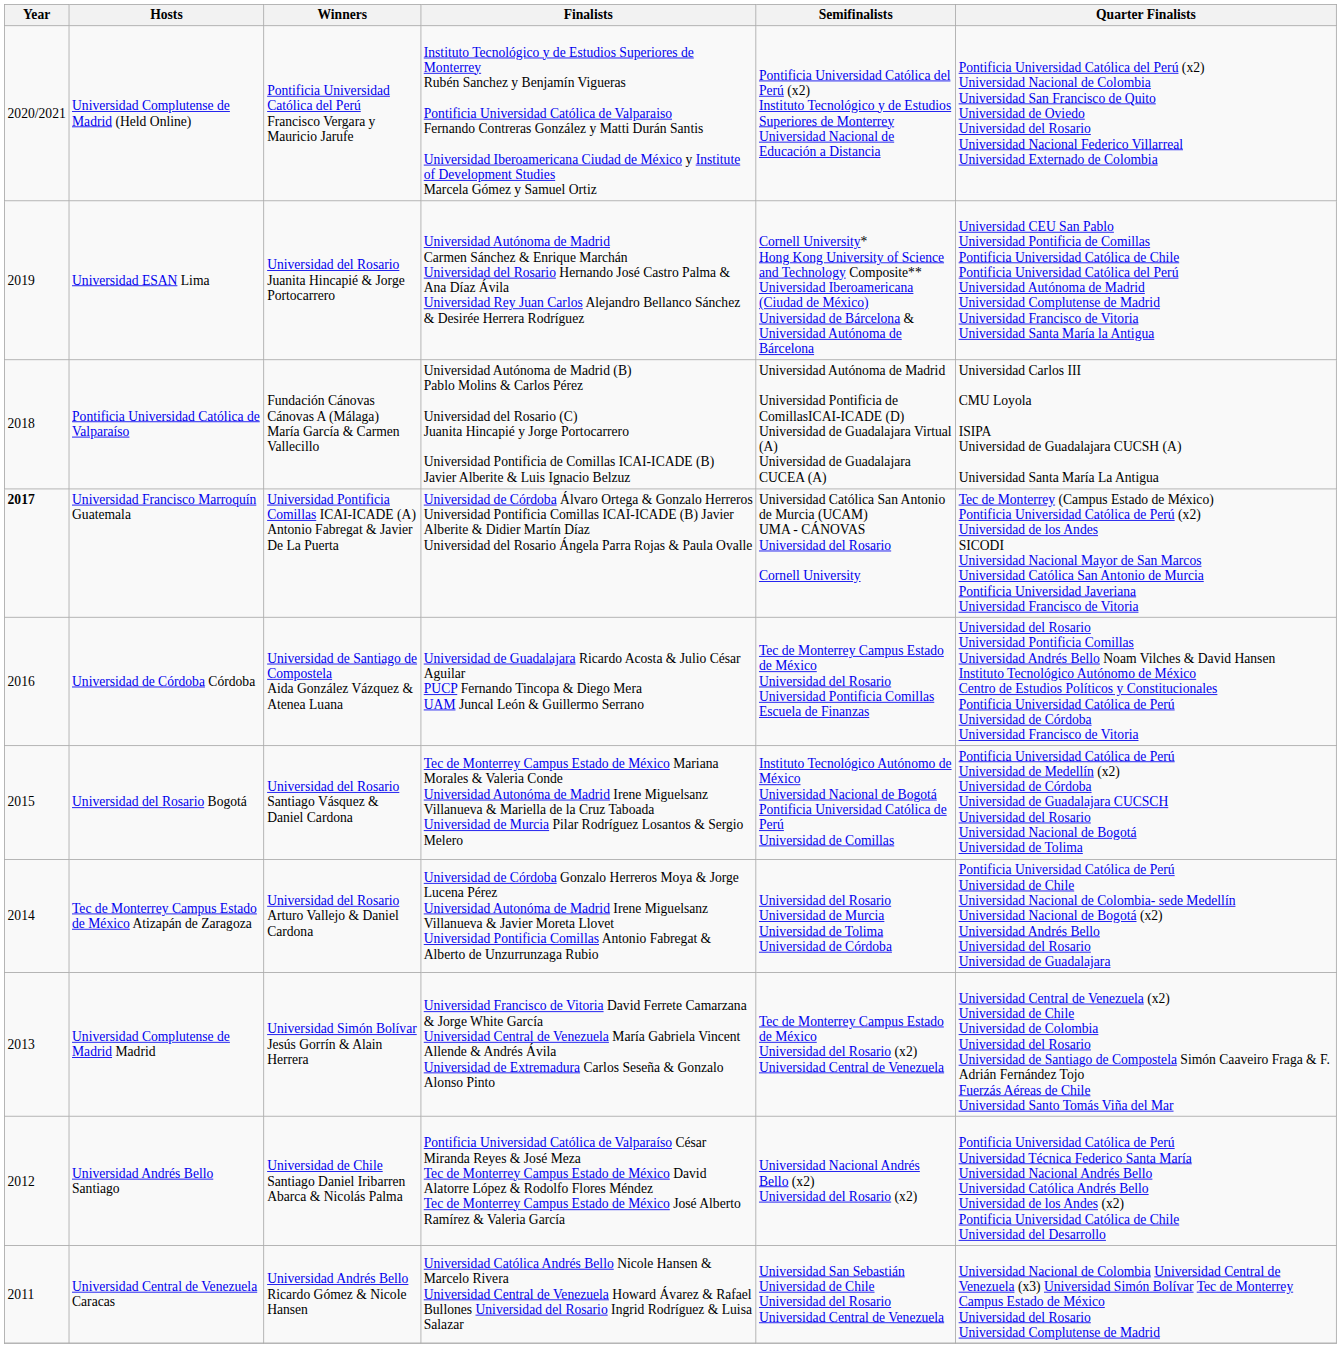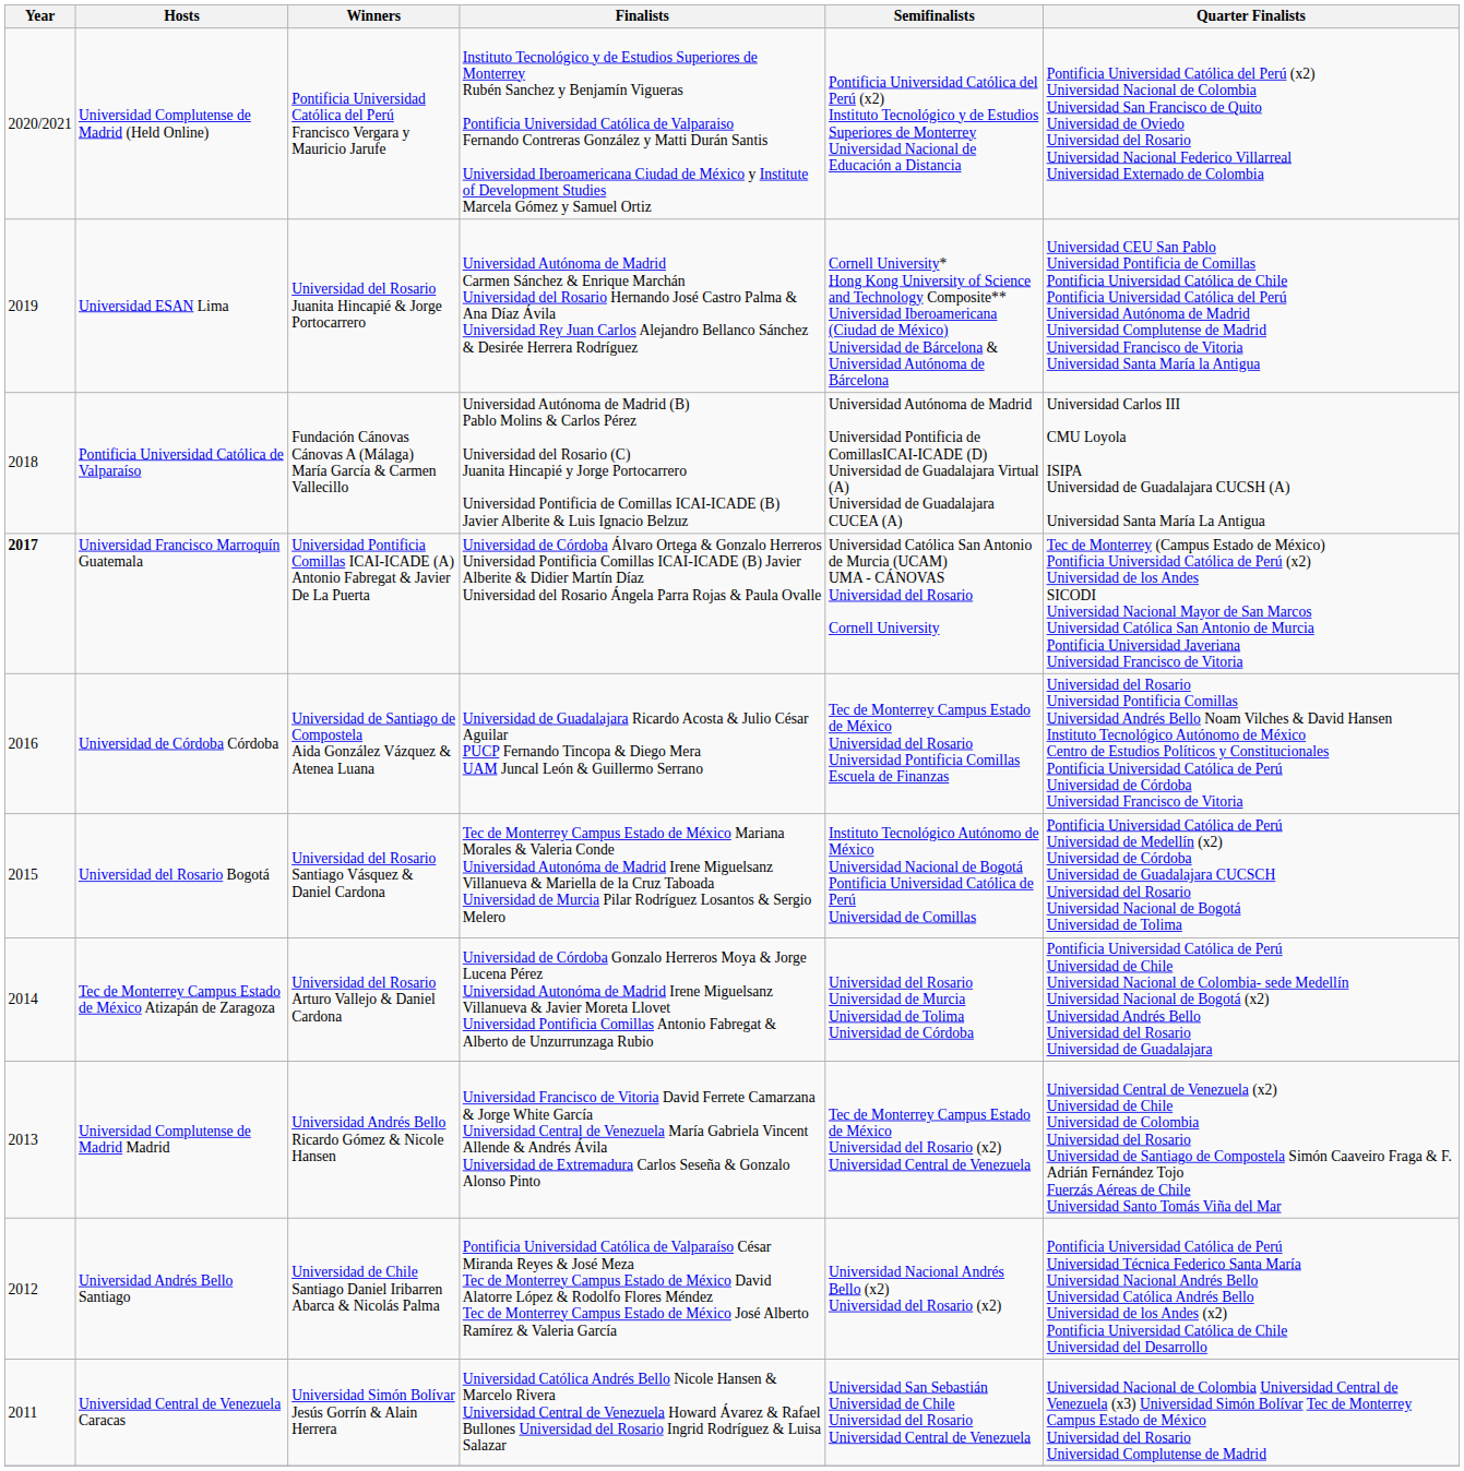 <table class="wikitable collapsible">
 <tr>
 <th>Year</th>
 <th>Hosts</th>
 <th>Winners</th>
 <th>Finalists</th>
 <th>Semifinalists</th>
 <th>Quarter Finalists</th>
 </tr>
 <tr>
 <td>2020/2021</td>
 <td> <a href='#'>Universidad Complutense de Madrid</a> (Held Online)</td>
 <td> <a href='#'>Pontificia Universidad Católica del Perú</a><br>Francisco Vergara y Mauricio Jarufe</td>
 <td><br><a href='#'>Instituto Tecnológico y de Estudios Superiores de Monterrey</a><br>Rubén Sanchez y Benjamín Vigueras<br><br><a href='#'>Pontificia Universidad Católica de Valparaiso</a><br>Fernando Contreras González y Matti Durán Santis<br><br><a href='#'>Universidad Iberoamericana Ciudad de México</a> y <a href='#'>Institute of Development Studies</a><br>Marcela Gómez y Samuel Ortiz</td>
 <td> <a href='#'>Pontificia Universidad Católica del Perú</a> (x2)<br> <a href='#'>Instituto Tecnológico y de Estudios Superiores de Monterrey</a><br> <a href='#'>Universidad Nacional de Educación a Distancia</a></td>
 <td> <a href='#'>Pontificia Universidad Católica del Perú</a> (x2)<br> <a href='#'>Universidad Nacional de Colombia</a><br> <a href='#'>Universidad San Francisco de Quito</a><br> <a href='#'>Universidad de Oviedo</a><br> <a href='#'>Universidad del Rosario</a><br> <a href='#'>Universidad Nacional Federico Villarreal</a><br> <a href='#'>Universidad Externado de Colombia</a></td>
 </tr>
 <tr>
 <td>2019</td>
 <td> <a href='#'>Universidad ESAN</a> Lima</td>
 <td> <a href='#'>Universidad del Rosario</a><br>Juanita Hincapié & Jorge Portocarrero</td>
 <td> <a href='#'>Universidad Autónoma de Madrid</a><br>Carmen Sánchez & Enrique Marchán<br> <a href='#'>Universidad del Rosario</a> Hernando José Castro Palma & Ana Díaz Ávila<br> <a href='#'>Universidad Rey Juan Carlos</a> Alejandro Bellanco Sánchez & Desirée Herrera Rodríguez</td>
 <td><br><br><a href='#'>Cornell University</a>*<br> <a href='#'>Hong Kong University of Science and Technology</a> Composite**<br> <a href='#'>Universidad Iberoamericana (Ciudad de México)</a><br> <a href='#'>Universidad de Bárcelona</a> & <a href='#'>Universidad Autónoma de Bárcelona</a></td>
 <td> <a href='#'>Universidad CEU San Pablo</a><br> <a href='#'>Universidad Pontificia de Comillas</a><br> <a href='#'>Pontificia Universidad Católica de Chile</a><br> <a href='#'>Pontificia Universidad Católica del Perú</a><br> <a href='#'>Universidad Autónoma de Madrid</a><br> <a href='#'>Universidad Complutense de Madrid</a><br> <a href='#'>Universidad Francisco de Vitoria</a><br> <a href='#'>Universidad Santa María la Antigua</a></td>
 </tr>
 <tr>
 <td>2018</td>
 <td> <a href='#'>Pontificia Universidad Católica de Valparaíso</a></td>
 <td>Fundación Cánovas<br>Cánovas A (Málaga)<br>María García & Carmen Vallecillo</td>
 <td> Universidad Autónoma de Madrid (B)<br>Pablo Molins & Carlos Pérez<br><br>Universidad del Rosario (C)<br>Juanita Hincapié y Jorge Portocarrero<br><br>Universidad Pontificia de Comillas ICAI-ICADE (B)<br>Javier Alberite & Luis Ignacio Belzuz</td>
 <td> Universidad Autónoma de Madrid<br><br>Universidad Pontificia de ComillasICAI-ICADE (D)<br>  Universidad de Guadalajara Virtual (A)<br> Universidad de Guadalajara CUCEA (A)</td>
 <td> Universidad Carlos III<br><br>CMU Loyola<br><br>ISIPA<br> Universidad de Guadalajara CUCSH (A)<br><br>Universidad Santa María La Antigua</td>
 </tr>
 <tr Valign="Top">
 <td><strong>2017</strong></td>
 <td> <a href='#'>Universidad Francisco Marroquín</a> Guatemala</td>
 <td> <a href='#'>Universidad Pontificia Comillas</a> ICAI-ICADE (A)<br>Antonio Fabregat & Javier De La Puerta</td>
 <td> <a href='#'>Universidad de Córdoba</a> Álvaro Ortega & Gonzalo Herreros<br> Universidad Pontificia Comillas ICAI-ICADE (B) Javier Alberite & Didier Martín Díaz<br> Universidad del Rosario Ángela Parra Rojas & Paula Ovalle</td>
 <td> Universidad Católica San Antonio de Murcia (UCAM)<br> UMA - CÁNOVAS<br> <a href='#'>Universidad del Rosario</a><br><br><a href='#'>Cornell University</a></td>
 <td> <a href='#'>Tec de Monterrey</a> (Campus Estado de México)<br> <a href='#'>Pontificia Universidad Católica de Perú</a> (x2)<br> <a href='#'>Universidad de los Andes</a><br> SICODI<br> <a href='#'>Universidad Nacional Mayor de San Marcos</a><br> <a href='#'>Universidad Católica San Antonio de Murcia</a><br> <a href='#'>Pontificia Universidad Javeriana</a><br> <a href='#'>Universidad Francisco de Vitoria</a></td>
 </tr>
 <tr>
 <td>2016</td>
 <td> <a href='#'>Universidad de Córdoba</a> Córdoba</td>
 <td> <a href='#'>Universidad de Santiago de Compostela</a><br>Aida González Vázquez & Atenea Luana</td>
 <td> <a href='#'>Universidad de Guadalajara</a> Ricardo Acosta & Julio César Aguilar<br> <a href='#'>PUCP</a> Fernando Tincopa & Diego Mera<br> <a href='#'>UAM</a> Juncal León & Guillermo Serrano</td>
 <td> <a href='#'>Tec de Monterrey Campus Estado de México</a><br> <a href='#'>Universidad del Rosario</a><br> <a href='#'>Universidad Pontificia Comillas</a><br> <a href='#'>Escuela de Finanzas</a></td>
 <td> <a href='#'>Universidad del Rosario</a><br> <a href='#'>Universidad Pontificia Comillas</a><br> <a href='#'>Universidad Andrés Bello</a> Noam Vilches & David Hansen<br> <a href='#'>Instituto Tecnológico Autónomo de México</a><br> <a href='#'>Centro de Estudios Políticos y Constitucionales</a><br> <a href='#'>Pontificia Universidad Católica de Perú</a><br> <a href='#'>Universidad de Córdoba</a><br> <a href='#'>Universidad Francisco de Vitoria</a></td>
 </tr>
 <tr>
 <td>2015</td>
 <td> <a href='#'>Universidad del Rosario</a> Bogotá</td>
 <td> <a href='#'>Universidad del Rosario</a><br>Santiago Vásquez & Daniel Cardona</td>
 <td> <a href='#'>Tec de Monterrey Campus Estado de México</a>	Mariana Morales & Valeria Conde<br> <a href='#'>Universidad Autonóma de Madrid</a> Irene Miguelsanz Villanueva & Mariella de la Cruz Taboada<br> <a href='#'>Universidad de Murcia</a> Pilar Rodríguez Losantos & Sergio Melero</td>
 <td> <a href='#'>Instituto Tecnológico Autónomo de México</a><br> <a href='#'>Universidad Nacional de Bogotá</a><br> <a href='#'>Pontificia Universidad Católica de Perú</a><br> <a href='#'>Universidad de Comillas</a></td>
 <td> <a href='#'>Pontificia Universidad Católica de Perú</a><br> <a href='#'>Universidad de Medellín</a> (x2)<br> <a href='#'>Universidad de Córdoba</a><br> <a href='#'>Universidad de Guadalajara CUCSCH</a><br> <a href='#'>Universidad del Rosario</a><br> <a href='#'>Universidad Nacional de Bogotá</a><br> <a href='#'>Universidad de Tolima</a></td>
 </tr>
 <tr>
 <td>2014</td>
 <td> <a href='#'>Tec de Monterrey Campus Estado de México</a> Atizapán de Zaragoza</td>
 <td> <a href='#'>Universidad del Rosario</a><br>Arturo Vallejo & Daniel Cardona</td>
 <td> <a href='#'>Universidad de Córdoba</a> Gonzalo Herreros Moya & Jorge Lucena Pérez<br> <a href='#'>Universidad Autonóma de Madrid</a> Irene Miguelsanz Villanueva & Javier Moreta Llovet<br> <a href='#'>Universidad Pontificia Comillas</a> Antonio Fabregat & Alberto de Unzurrunzaga Rubio</td>
 <td><br> <a href='#'>Universidad del Rosario</a><br> <a href='#'>Universidad de Murcia</a><br> <a href='#'>Universidad de Tolima</a><br> <a href='#'>Universidad de Córdoba</a></td>
 <td> <a href='#'>Pontificia Universidad Católica de Perú</a><br> <a href='#'>Universidad de Chile</a><br> <a href='#'>Universidad Nacional de Colombia- sede Medellín</a><br> <a href='#'>Universidad Nacional de Bogotá</a> (x2)<br> <a href='#'>Universidad Andrés Bello</a><br> <a href='#'>Universidad del Rosario</a><br> <a href='#'>Universidad de Guadalajara</a></td>
 </tr>
 <tr>
 <td>2013</td>
 <td> <a href='#'>Universidad Complutense de Madrid</a> Madrid</td>
-<td> <a href='#'>Universidad Simón Bolívar</a><br>Jesús Gorrín & Alain Herrera</td>
+<td> <a href='#'>Universidad Andrés Bello</a><br>Ricardo Gómez & Nicole Hansen</td>
 <td> <a href='#'>Universidad Francisco de Vitoria</a>	David Ferrete Camarzana & Jorge White García<br> <a href='#'>Universidad Central de Venezuela</a>	 María Gabriela Vincent Allende & Andrés Ávila<br> <a href='#'>Universidad de Extremadura</a>	 Carlos Seseña & Gonzalo Alonso Pinto</td>
 <td> <a href='#'>Tec de Monterrey Campus Estado de México</a><br> <a href='#'>Universidad del Rosario</a> (x2)<br> <a href='#'>Universidad Central de Venezuela</a></td>
 <td><br> <a href='#'>Universidad Central de Venezuela</a> (x2)<br> <a href='#'>Universidad de Chile</a><br> <a href='#'>Universidad de Colombia</a><br> <a href='#'>Universidad del Rosario</a><br> <a href='#'>Universidad de Santiago de Compostela</a> Simón Caaveiro Fraga & F. Adrián Fernández Tojo<br> <a href='#'>Fuerzás Aéreas de Chile</a><br> <a href='#'>Universidad Santo Tomás Viña del Mar</a></td>
 </tr>
 <tr>
 <td>2012</td>
 <td> <a href='#'>Universidad Andrés Bello</a> Santiago</td>
 <td> <a href='#'>Universidad de Chile</a><br>Santiago Daniel Iribarren Abarca & Nicolás Palma</td>
 <td> <a href='#'>Pontificia Universidad Católica de Valparaíso</a>	César Miranda Reyes & José Meza<br> <a href='#'>Tec de Monterrey Campus Estado de México</a>	David Alatorre López & Rodolfo Flores Méndez<br> <a href='#'>Tec de Monterrey Campus Estado de México</a>	José Alberto Ramírez & Valeria García</td>
 <td> <a href='#'>Universidad Nacional Andrés Bello</a> (x2)<br> <a href='#'>Universidad del Rosario</a> (x2)</td>
 <td><br> <a href='#'>Pontificia Universidad Católica de Perú</a><br> <a href='#'>Universidad Técnica Federico Santa María</a><br> <a href='#'>Universidad Nacional Andrés Bello</a><br> <a href='#'>Universidad Católica Andrés Bello</a><br> <a href='#'>Universidad de los Andes</a> (x2)<br> <a href='#'>Pontificia Universidad Católica de Chile</a><br> <a href='#'>Universidad del Desarrollo</a></td>
 </tr>
 <tr>
 <td>2011</td>
 <td> <a href='#'>Universidad Central de Venezuela</a> Caracas</td>
-<td> <a href='#'>Universidad Andrés Bello</a><br>Ricardo Gómez & Nicole Hansen</td>
+<td> <a href='#'>Universidad Simón Bolívar</a><br>Jesús Gorrín & Alain Herrera</td>
 <td> <a href='#'>Universidad Católica Andrés Bello</a>	Nicole Hansen & Marcelo Rivera<br> <a href='#'>Universidad Central de Venezuela</a>	Howard Ávarez & Rafael Bullones   <a href='#'>Universidad del Rosario</a>	 Ingrid Rodríguez & Luisa Salazar</td>
 <td> <a href='#'>Universidad San Sebastián</a><br> <a href='#'>Universidad de Chile</a><br> <a href='#'>Universidad del Rosario</a><br> <a href='#'>Universidad Central de Venezuela</a></td>
 <td><br> <a href='#'>Universidad Nacional de Colombia</a>  <a href='#'>Universidad Central de Venezuela</a> (x3)  <a href='#'>Universidad Simón Bolívar</a>  <a href='#'>Tec de Monterrey Campus Estado de México</a><br> <a href='#'>Universidad del Rosario</a><br> <a href='#'>Universidad Complutense de Madrid</a></td>
 </tr>
 <tr Valign="Top">
 </tr>
 </table>
